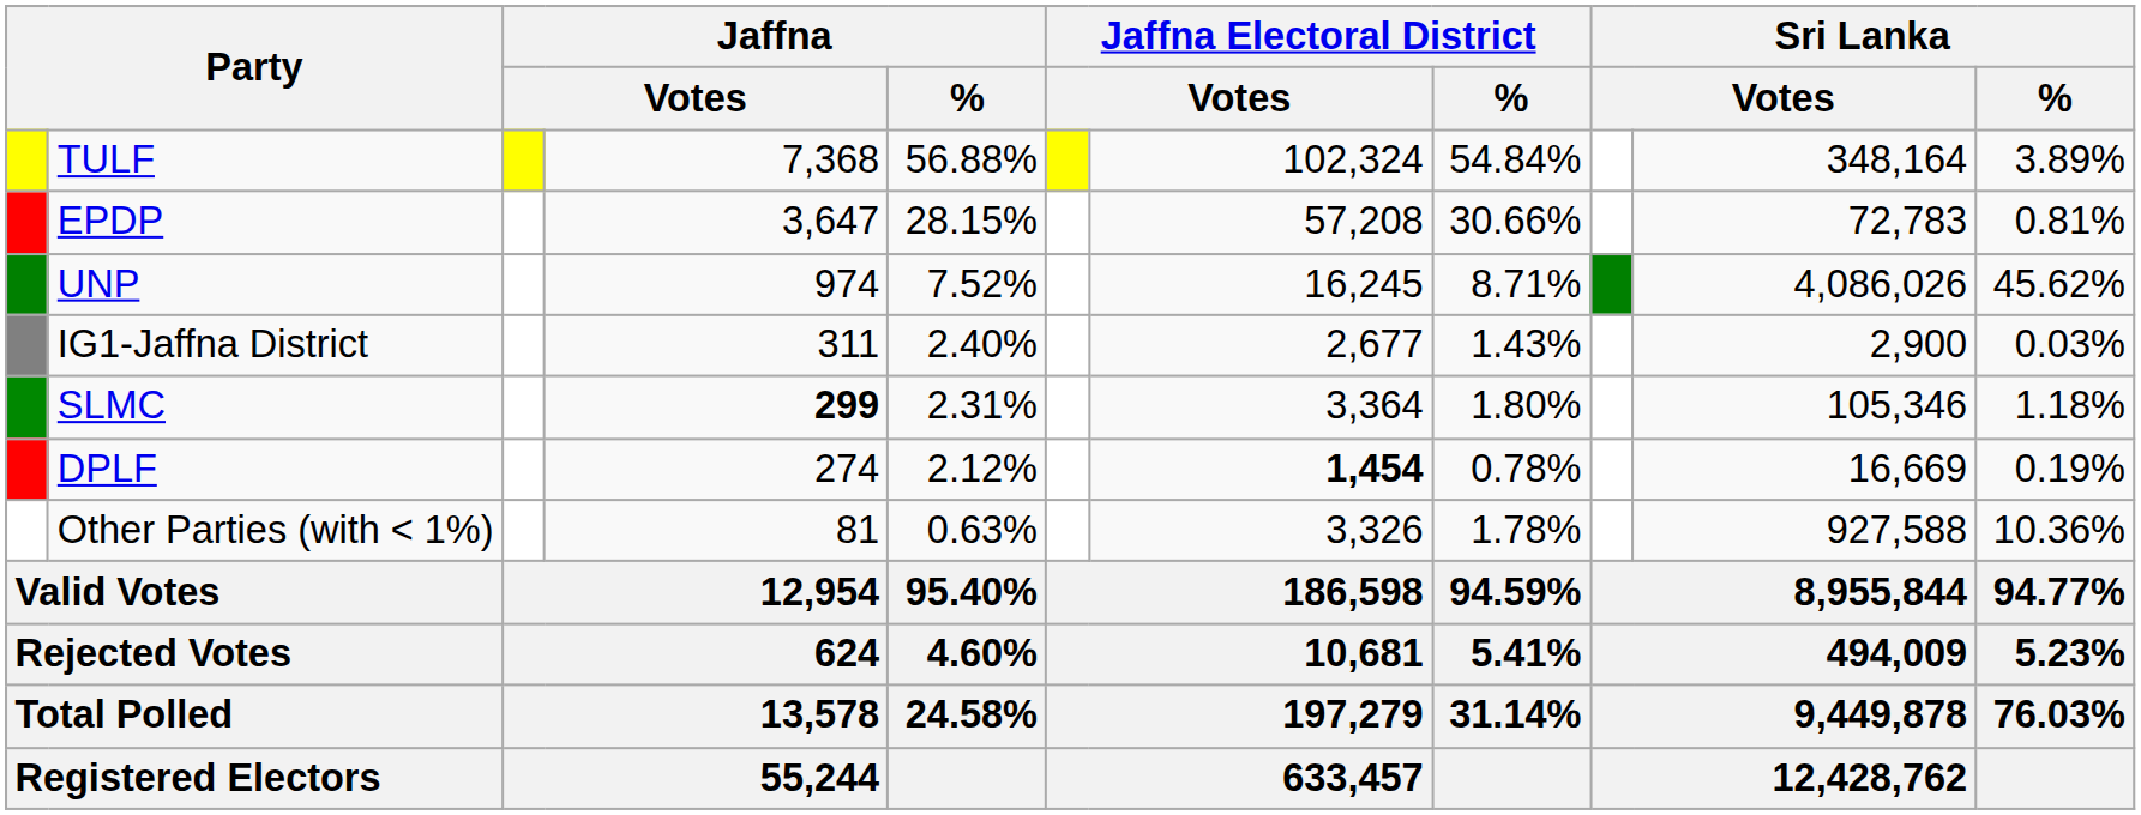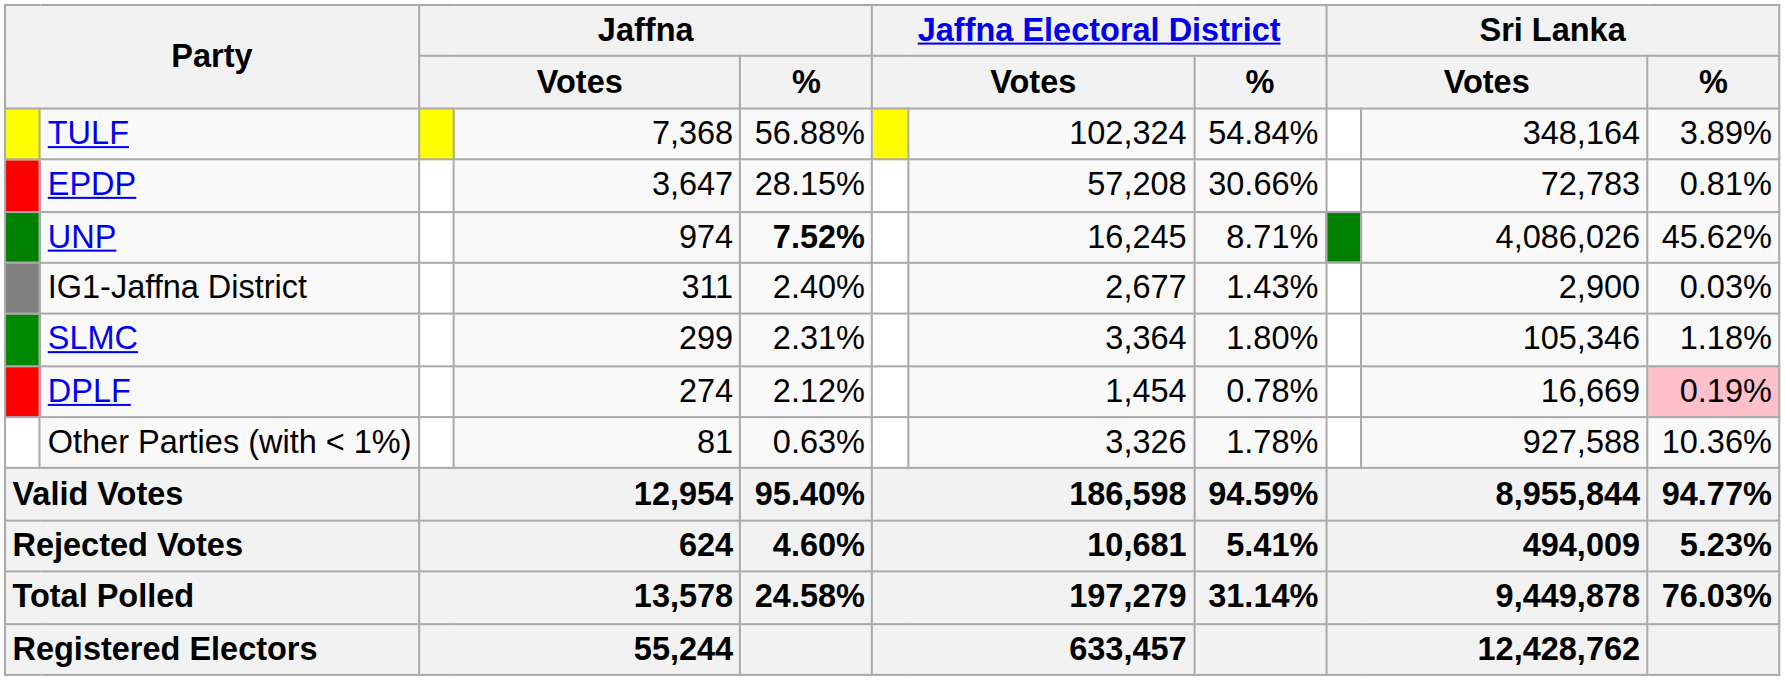 <table class="wikitable">
 <tr>
 <th colspan="2" width="144px"rowspan="2">Party</th>
 <th colspan="3" width="216px">Jaffna</th>
 <th colspan="3" width="216px"><a href='#'>Jaffna Electoral District</a></th>
 <th colspan="3" width="216px">Sri Lanka</th>
 </tr>
 <tr>
 <th colspan="2" width="144px">Votes</th>
 <th>%</th>
 <th colspan="2" width="144px">Votes</th>
 <th>%</th>
 <th colspan="2" width="144px">Votes</th>
 <th>%</th>
 </tr>
 <tr>
 <td style="background-color:yellow;" width="10px"></td>
 <td style="text-align:left;"><a href='#'>TULF</a></td>
 <td style="background-color:yellow;" width="10px"></td>
 <td style="text-align:right;">7,368</td>
 <td style="text-align:right;">56.88%</td>
 <td style="background-color:yellow;" width="10px"></td>
 <td style="text-align:right;">102,324</td>
 <td style="text-align:right;">54.84%</td>
 <td style="background-color:white;" width="10px"></td>
 <td style="text-align:right;">348,164</td>
 <td style="text-align:right;">3.89%</td>
 </tr>
 <tr>
 <td style="background-color:red;" width="10px"></td>
 <td style="text-align:left;"><a href='#'>EPDP</a></td>
 <td style="background-color:white;" width="10px"></td>
 <td style="text-align:right;">3,647</td>
 <td style="text-align:right;">28.15%</td>
 <td style="background-color:white;" width="10px"></td>
 <td style="text-align:right;">57,208</td>
 <td style="text-align:right;">30.66%</td>
 <td style="background-color:white;" width="10px"></td>
 <td style="text-align:right;">72,783</td>
 <td style="text-align:right;">0.81%</td>
 </tr>
 <tr>
 <td style="background-color:green;" width="10px"></td>
 <td style="text-align:left;"><a href='#'>UNP</a></td>
 <td style="background-color:white;" width="10px"></td>
 <td style="text-align:right;">974</td>
-<td style="text-align:right;">7.52%</td>
+<td style="text-align:right;"><strong>7.52%</strong></td>
 <td style="background-color:white;" width="10px"></td>
 <td style="text-align:right;">16,245</td>
 <td style="text-align:right;">8.71%</td>
 <td style="background-color:green;" width="10px"></td>
 <td style="text-align:right;">4,086,026</td>
 <td style="text-align:right;">45.62%</td>
 </tr>
 <tr>
 <td style="background-color:grey;" width="10px"></td>
 <td style="text-align:left;">IG1-Jaffna District</td>
 <td style="background-color:white;" width="10px"></td>
 <td style="text-align:right;">311</td>
 <td style="text-align:right;">2.40%</td>
 <td style="background-color:white;" width="10px"></td>
 <td style="text-align:right;">2,677</td>
 <td style="text-align:right;">1.43%</td>
 <td style="background-color:white;" width="10px"></td>
 <td style="text-align:right;">2,900</td>
 <td style="text-align:right;">0.03%</td>
 </tr>
 <tr>
 <td style="background-color:#008800;" width="10px"></td>
 <td style="text-align:left;"><a href='#'>SLMC</a></td>
 <td style="background-color:white;" width="10px"></td>
-<td style="text-align:right;"><strong>299</strong></td>
+<td style="text-align:right;">299</td>
 <td style="text-align:right;">2.31%</td>
 <td style="background-color:white;" width="10px"></td>
 <td style="text-align:right;">3,364</td>
 <td style="text-align:right;">1.80%</td>
 <td style="background-color:white;" width="10px"></td>
 <td style="text-align:right;">105,346</td>
 <td style="text-align:right;">1.18%</td>
 </tr>
 <tr>
 <td style="background-color:red;" width="10px"></td>
 <td style="text-align:left;"><a href='#'>DPLF</a></td>
 <td style="background-color:white;" width="10px"></td>
 <td style="text-align:right;">274</td>
 <td style="text-align:right;">2.12%</td>
 <td style="background-color:white;" width="10px"></td>
-<td style="text-align:right;"><strong>1,454</strong></td>
+<td style="text-align:right;">1,454</td>
 <td style="text-align:right;">0.78%</td>
 <td style="background-color:white;" width="10px"></td>
 <td style="text-align:right;">16,669</td>
-<td style="text-align:right;">0.19%</td>
+<td style="background: pink; text-align:right;">0.19%</td>
 </tr>
 <tr>
 <td style="background-color:white;" width="10px"></td>
 <td style="text-align:left;">Other Parties (with < 1%)</td>
 <td style="background-color:white;" width="10px"></td>
 <td style="text-align:right;">81</td>
 <td style="text-align:right;">0.63%</td>
 <td style="background-color:white;" width="10px"></td>
 <td style="text-align:right;">3,326</td>
 <td style="text-align:right;">1.78%</td>
 <td style="background-color:white;" width="10px"></td>
 <td style="text-align:right;">927,588</td>
 <td style="text-align:right;">10.36%</td>
 </tr>
 <tr>
 <th colspan="2" width="144px"style="text-align:left;">Valid Votes</th>
 <th style="text-align:right;"colspan="2" width="144px">12,954</th>
 <th style="text-align:right;">95.40%</th>
 <th style="text-align:right;"colspan="2" width="144px">186,598</th>
 <th style="text-align:right;">94.59%</th>
 <th style="text-align:right;"colspan="2" width="144px">8,955,844</th>
 <th style="text-align:right;">94.77%</th>
 </tr>
 <tr>
 <th colspan="2" width="144px"style="text-align:left;">Rejected Votes</th>
 <th style="text-align:right;"colspan="2" width="144px">624</th>
 <th style="text-align:right;">4.60%</th>
 <th style="text-align:right;"colspan="2" width="144px">10,681</th>
 <th style="text-align:right;">5.41%</th>
 <th style="text-align:right;"colspan="2" width="144px">494,009</th>
 <th style="text-align:right;">5.23%</th>
 </tr>
 <tr>
 <th colspan="2" width="144px"style="text-align:left;">Total Polled</th>
 <th style="text-align:right;"colspan="2" width="144px">13,578</th>
 <th style="text-align:right;">24.58%</th>
 <th style="text-align:right;"colspan="2" width="144px">197,279</th>
 <th style="text-align:right;">31.14%</th>
 <th style="text-align:right;"colspan="2" width="144px">9,449,878</th>
 <th style="text-align:right;">76.03%</th>
 </tr>
 <tr>
 <th colspan="2" width="144px"style="text-align:left;">Registered Electors</th>
 <th style="text-align:right;"colspan="2" width="144px">55,244</th>
 <th></th>
 <th style="text-align:right;"colspan="2" width="144px">633,457</th>
 <th></th>
 <th style="text-align:right;"colspan="2" width="144px">12,428,762</th>
 <th></th>
 </tr>
 </table>
